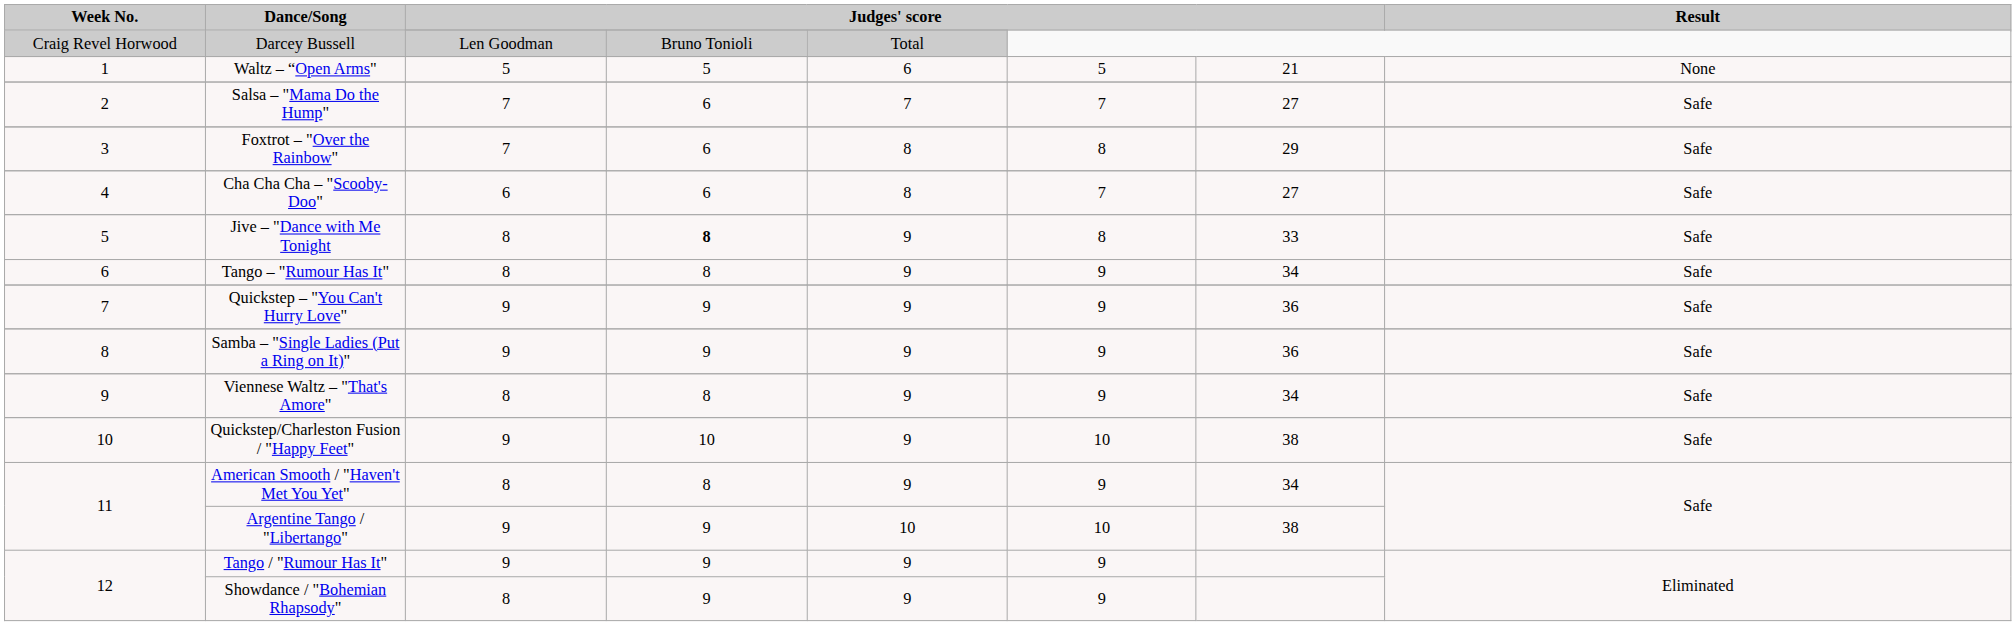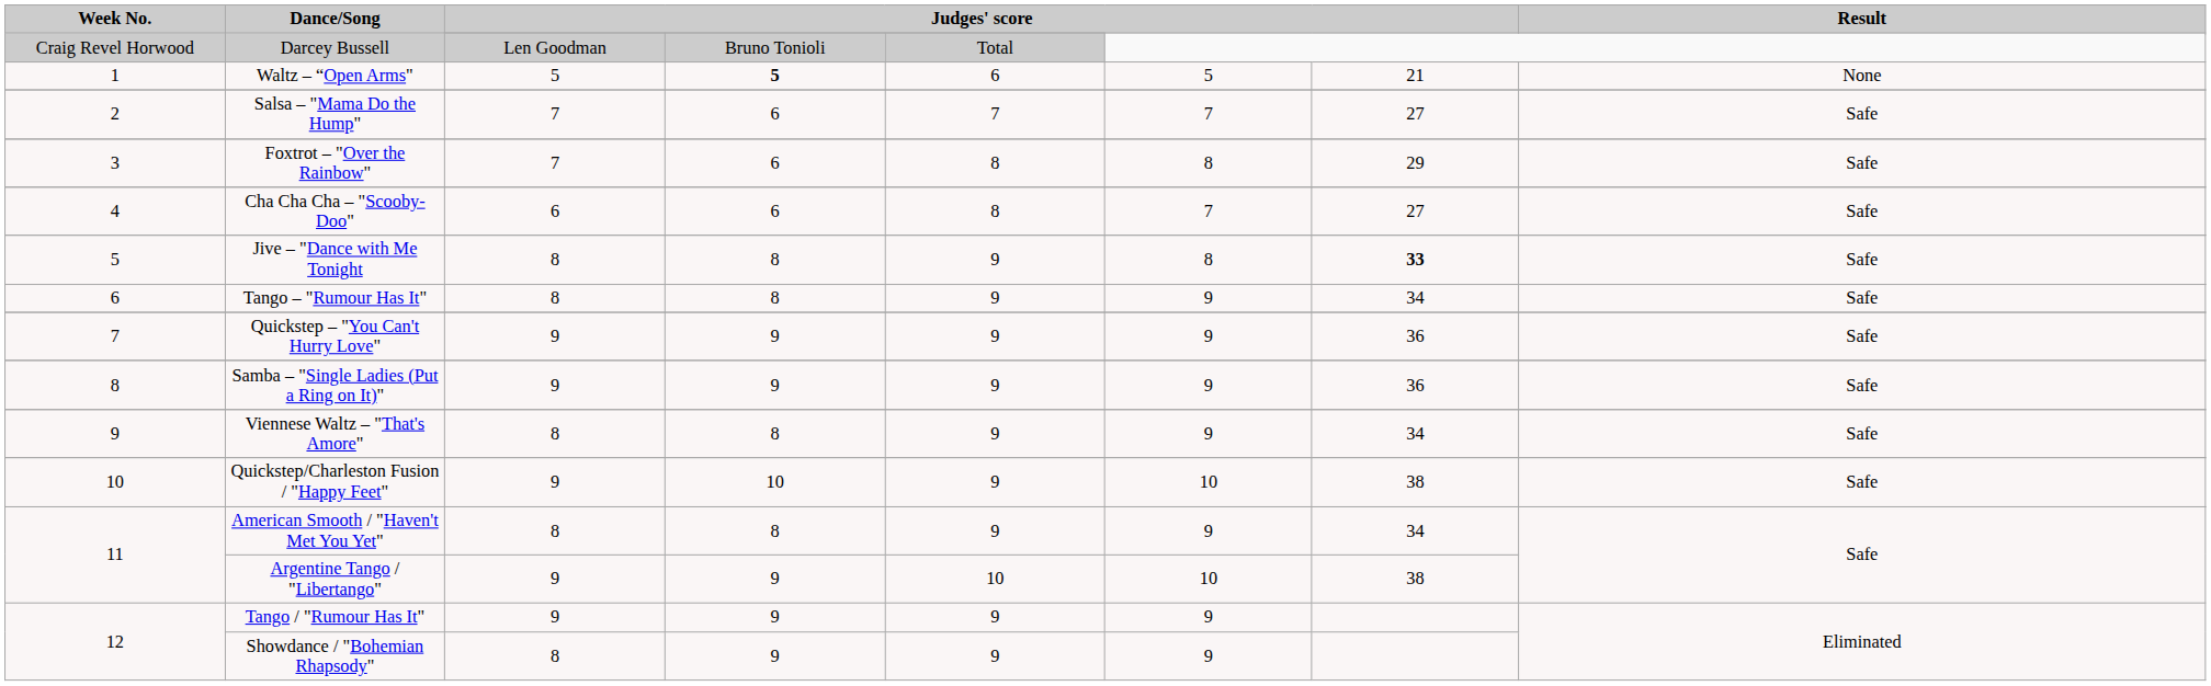 <table class="wikitable">
 <tr>
 <td rowspan="2" bgcolor="CCCCCC" align="Center"><strong>Week No.</strong></td>
 <td rowspan="2" bgcolor="CCCCCC" align="Center"><strong>Dance/Song</strong></td>
 <td colspan="5" bgcolor="CCCCCC" align="Center"><strong>Judges' score</strong></td>
 <td rowspan="2" bgcolor="CCCCCC" align="Center"><strong>Result</strong></td>
 </tr>
 <tr>
 </tr>
 <tr>
 <td bgcolor="CCCCCC" width="10%" align="center">Craig Revel Horwood</td>
 <td bgcolor="CCCCCC" width="10%" align="center">Darcey Bussell</td>
 <td bgcolor="CCCCCC" width="10%" align="center">Len Goodman</td>
 <td bgcolor="CCCCCC" width="10%" align="center">Bruno Tonioli</td>
 <td bgcolor="CCCCCC" width="10%" align="center">Total</td>
 </tr>
 <tr>
 </tr>
 <tr>
 <td align="center" bgcolor="FAF6F6">1</td>
 <td align="center" bgcolor="FAF6F6">Waltz – “<a href='#'>Open Arms</a>"</td>
 <td align="center" bgcolor="FAF6F6">5</td>
-<td align="center" bgcolor="FAF6F6">5</td>
+<td align="center" bgcolor="FAF6F6"><strong>5</strong></td>
 <td align="center" bgcolor="FAF6F6">6</td>
 <td align="center" bgcolor="FAF6F6">5</td>
 <td align="center" bgcolor="FAF6F6">21</td>
 <td align="center" bgcolor="FAF6F6">None</td>
 </tr>
 <tr>
 </tr>
 <tr>
 <td align="center" bgcolor="FAF6F6">2</td>
 <td align="center" bgcolor="FAF6F6">Salsa – "<a href='#'>Mama Do the Hump</a>"</td>
 <td align="center" bgcolor="FAF6F6">7</td>
 <td align="center" bgcolor="FAF6F6">6</td>
 <td align="center" bgcolor="FAF6F6">7</td>
 <td align="center" bgcolor="FAF6F6">7</td>
 <td align="center" bgcolor="FAF6F6">27</td>
 <td align="center" bgcolor="FAF6F6">Safe</td>
 </tr>
 <tr>
 </tr>
 <tr>
 <td align="center" bgcolor="FAF6F6">3</td>
 <td align="center" bgcolor="FAF6F6">Foxtrot – "<a href='#'>Over the Rainbow</a>"</td>
 <td align="center" bgcolor="FAF6F6">7</td>
 <td align="center" bgcolor="FAF6F6">6</td>
 <td align="center" bgcolor="FAF6F6">8</td>
 <td align="center" bgcolor="FAF6F6">8</td>
 <td align="center" bgcolor="FAF6F6">29</td>
 <td align="center" bgcolor="FAF6F6">Safe</td>
 </tr>
 <tr>
 </tr>
 <tr>
 <td align="center" bgcolor="FAF6F6">4</td>
 <td align="center" bgcolor="FAF6F6">Cha Cha Cha – "<a href='#'>Scooby-Doo</a>"</td>
 <td align="center" bgcolor="FAF6F6">6</td>
 <td align="center" bgcolor="FAF6F6">6</td>
 <td align="center" bgcolor="FAF6F6">8</td>
 <td align="center" bgcolor="FAF6F6">7</td>
 <td align="center" bgcolor="FAF6F6">27</td>
 <td align="center" bgcolor="FAF6F6">Safe</td>
 </tr>
 <tr>
 </tr>
 <tr>
 <td align="center" bgcolor="FAF6F6">5</td>
 <td align="center" bgcolor="FAF6F6">Jive – "<a href='#'>Dance with Me Tonight</a></td>
 <td align="center" bgcolor="FAF6F6">8</td>
-<td align="center" bgcolor="FAF6F6"><strong>8</strong></td>
+<td align="center" bgcolor="FAF6F6">8</td>
 <td align="center" bgcolor="FAF6F6">9</td>
 <td align="center" bgcolor="FAF6F6">8</td>
-<td align="center" bgcolor="FAF6F6">33</td>
+<td align="center" bgcolor="FAF6F6"><strong>33</strong></td>
 <td align="center" bgcolor="FAF6F6">Safe</td>
 </tr>
 <tr>
 </tr>
 <tr>
 <td align="center" bgcolor="FAF6F6">6</td>
 <td align="center" bgcolor="FAF6F6">Tango – "<a href='#'>Rumour Has It</a>"</td>
 <td align="center" bgcolor="FAF6F6">8</td>
 <td align="center" bgcolor="FAF6F6">8</td>
 <td align="center" bgcolor="FAF6F6">9</td>
 <td align="center" bgcolor="FAF6F6">9</td>
 <td align="center" bgcolor="FAF6F6">34</td>
 <td align="center" bgcolor="FAF6F6">Safe</td>
 </tr>
 <tr>
 </tr>
 <tr>
 <td align="center" bgcolor="FAF6F6">7</td>
 <td align="center" bgcolor="FAF6F6">Quickstep – "<a href='#'>You Can't Hurry Love</a>"</td>
 <td align="center" bgcolor="FAF6F6">9</td>
 <td align="center" bgcolor="FAF6F6">9</td>
 <td align="center" bgcolor="FAF6F6">9</td>
 <td align="center" bgcolor="FAF6F6">9</td>
 <td align="center" bgcolor="FAF6F6">36</td>
 <td align="center" bgcolor="FAF6F6">Safe</td>
 </tr>
 <tr>
 </tr>
 <tr>
 <td align="center" bgcolor="FAF6F6">8</td>
 <td align="center" bgcolor="FAF6F6">Samba – "<a href='#'>Single Ladies (Put a Ring on It)</a>"</td>
 <td align="center" bgcolor="FAF6F6">9</td>
 <td align="center" bgcolor="FAF6F6">9</td>
 <td align="center" bgcolor="FAF6F6">9</td>
 <td align="center" bgcolor="FAF6F6">9</td>
 <td align="center" bgcolor="FAF6F6">36</td>
 <td align="center" bgcolor="FAF6F6">Safe</td>
 </tr>
 <tr>
 </tr>
 <tr>
 <td align="center" bgcolor="FAF6F6">9</td>
 <td align="center" bgcolor="FAF6F6">Viennese Waltz –  "<a href='#'>That's Amore</a>"</td>
 <td align="center" bgcolor="FAF6F6">8</td>
 <td align="center" bgcolor="FAF6F6">8</td>
 <td align="center" bgcolor="FAF6F6">9</td>
 <td align="center" bgcolor="FAF6F6">9</td>
 <td align="center" bgcolor="FAF6F6">34</td>
 <td align="center" bgcolor="FAF6F6">Safe</td>
 </tr>
 <tr>
 </tr>
 <tr>
 <td align="center" bgcolor="FAF6F6">10</td>
 <td align="center" bgcolor="FAF6F6">Quickstep/Charleston Fusion / "<a href='#'>Happy Feet</a>"</td>
 <td align="center" bgcolor="FAF6F6">9</td>
 <td align="center" bgcolor="FAF6F6">10</td>
 <td align="center" bgcolor="FAF6F6">9</td>
 <td align="center" bgcolor="FAF6F6">10</td>
 <td align="center" bgcolor="FAF6F6">38</td>
 <td align="center" bgcolor="FAF6F6">Safe</td>
 </tr>
 <tr>
 </tr>
 <tr>
 <td align="center" bgcolor="FAF6F6" rowspan="2">11</td>
 <td align="center" bgcolor="FAF6F6"><a href='#'>American Smooth</a> / "<a href='#'>Haven't Met You Yet</a>"</td>
 <td align="center" bgcolor="FAF6F6">8</td>
 <td align="center" bgcolor="FAF6F6">8</td>
 <td align="center" bgcolor="FAF6F6">9</td>
 <td align="center" bgcolor="FAF6F6">9</td>
 <td align="center" bgcolor="FAF6F6">34</td>
 <td align="center" bgcolor="FAF6F6" rowspan="2">Safe</td>
 </tr>
 <tr>
 <td align="center" bgcolor="FAF6F6"><a href='#'>Argentine Tango</a> / "<a href='#'>Libertango</a>"</td>
 <td align="center" bgcolor="FAF6F6">9</td>
 <td align="center" bgcolor="FAF6F6">9</td>
 <td align="center" bgcolor="FAF6F6">10</td>
 <td align="center" bgcolor="FAF6F6">10</td>
 <td align="center" bgcolor="FAF6F6">38</td>
 </tr>
 <tr>
 <td align="center" bgcolor="FAF6F6" rowspan="2">12</td>
 <td align="center" bgcolor="FAF6F6"><a href='#'>Tango</a> / "<a href='#'>Rumour Has It</a>"</td>
 <td align="center" bgcolor="FAF6F6">9</td>
 <td align="center" bgcolor="FAF6F6">9</td>
 <td align="center" bgcolor="FAF6F6">9</td>
 <td align="center" bgcolor="FAF6F6">9</td>
 <td align="center" bgcolor="FAF6F6"></td>
 <td align="center" bgcolor="FAF6F6" rowspan="2">Eliminated</td>
 </tr>
 <tr>
 <td align="center" bgcolor="FAF6F6">Showdance / "<a href='#'>Bohemian Rhapsody</a>"</td>
 <td align="center" bgcolor="FAF6F6">8</td>
 <td align="center" bgcolor="FAF6F6">9</td>
 <td align="center" bgcolor="FAF6F6">9</td>
 <td align="center" bgcolor="FAF6F6">9</td>
 <td align="center" bgcolor="FAF6F6"></td>
 </tr>
 </table>
